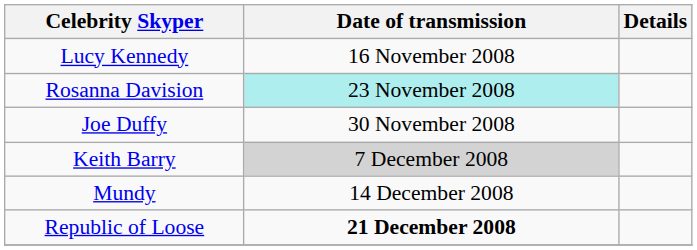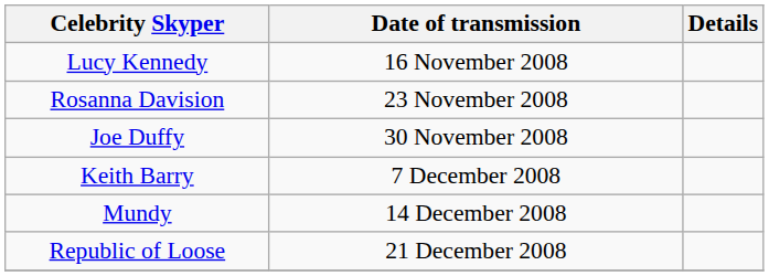 <table class="wikitable">
 <tr>
 <th width="170" rowspan="1">Celebrity <a href='#'>Skyper</a></th>
 <th width="270" rowspan="1">Date of transmission</th>
 <th width="40" rowspan="1">Details</th>
 </tr>
 <tr>
 <td align="center"><a href='#'>Lucy Kennedy</a></td>
 <td align="center">16 November 2008</td>
 <td align="center"></td>
 </tr>
 <tr>
 <td align="center"><a href='#'>Rosanna Davision</a></td>
-<td align="center" style="background: paleturquoise;">23 November 2008</td>
+<td align="center">23 November 2008</td>
 <td align="center"></td>
 </tr>
 <tr>
 <td align="center"><a href='#'>Joe Duffy</a></td>
 <td align="center">30 November 2008</td>
 <td align="center"></td>
 </tr>
 <tr>
 <td align="center"><a href='#'>Keith Barry</a></td>
-<td align="center" style="background: lightgrey;">7 December 2008</td>
+<td align="center">7 December 2008</td>
 <td align="center"></td>
 </tr>
 <tr>
 <td align="center"><a href='#'>Mundy</a></td>
 <td align="center">14 December 2008</td>
 <td align="center"></td>
 </tr>
 <tr>
 <td align="center"><a href='#'>Republic of Loose</a></td>
-<td align="center"><strong>21 December 2008</strong></td>
+<td align="center">21 December 2008</td>
 <td align="center"></td>
 </tr>
 <tr>
 </tr>
 </table>
